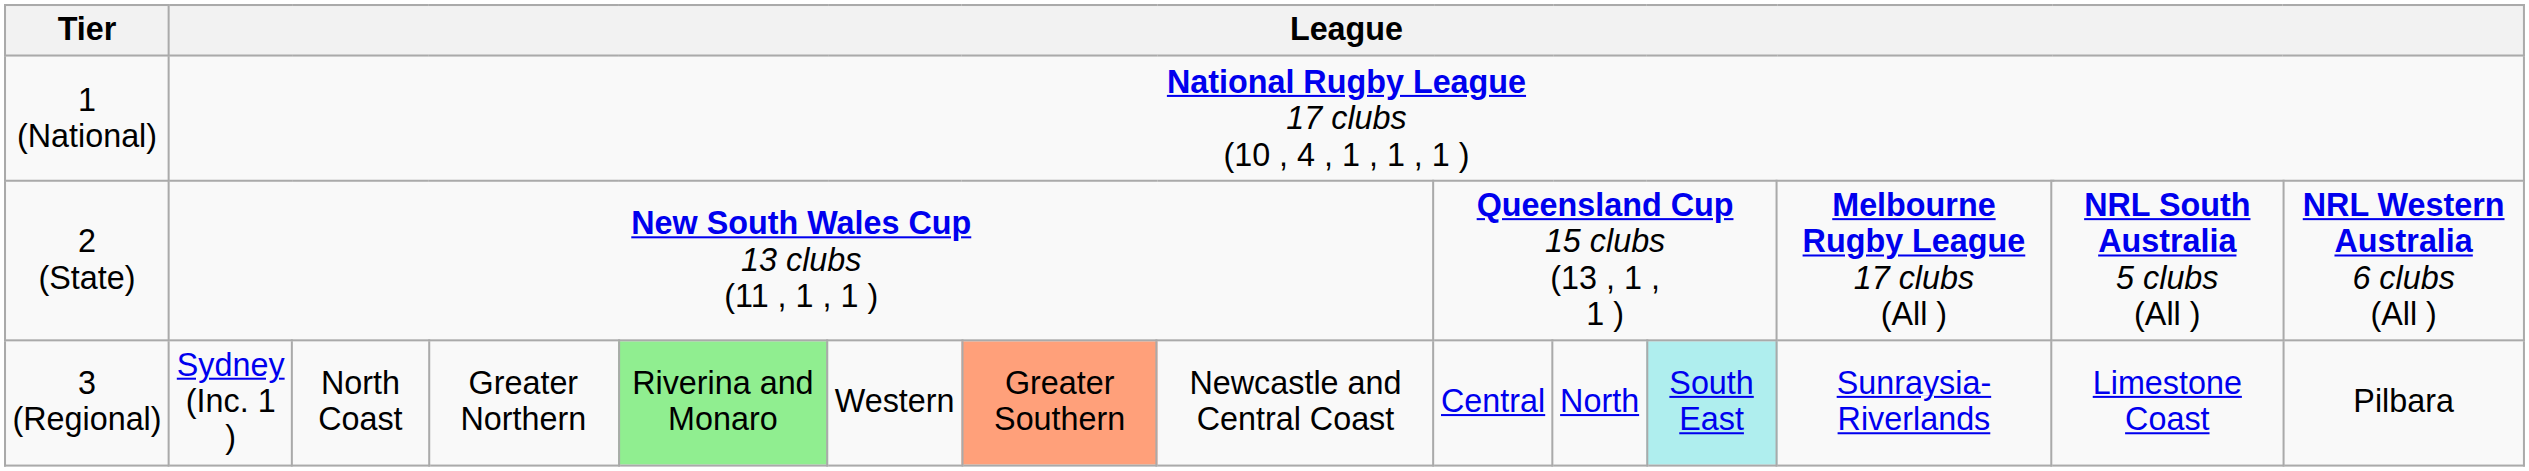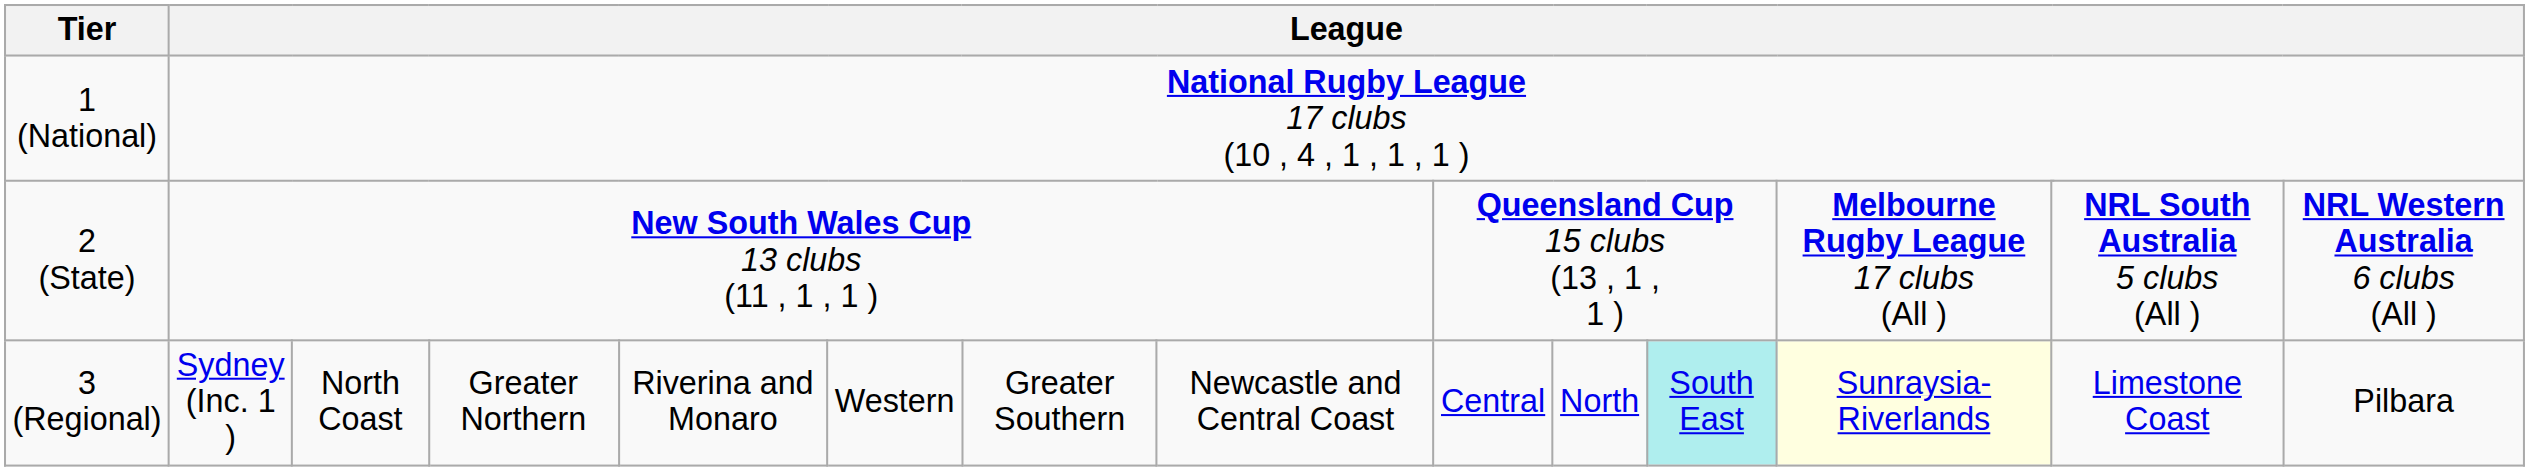 <table class="wikitable" style="text-align: center;">
 <tr>
 <th>Tier</th>
 <th colspan="14">League</th>
 </tr>
 <tr>
 <td>1<br>(National)</td>
 <td colspan="14"> <strong><a href='#'>National Rugby League</a></strong><br><em>17 clubs</em><br>(10 , 4 , 1 , 1 , 1 )</td>
 </tr>
 <tr>
 <td>2<br>(State)</td>
 <td colspan="7"> <strong><a href='#'>New South Wales Cup</a></strong><br><em>13 clubs</em><br>(11 , 1 , 1 )</td>
 <td colspan="3"> <strong><a href='#'>Queensland Cup</a></strong><br><em>15 clubs</em><br>(13 , 1 ,<br>1 )</td>
 <td colspan="2"> <strong><a href='#'>Melbourne Rugby League</a></strong><br><em>17 clubs</em><br>(All )</td>
 <td> <strong><a href='#'>NRL South Australia</a></strong><br><em>5 clubs</em><br>(All )</td>
 <td> <strong><a href='#'>NRL Western Australia</a></strong><br><em>6 clubs</em><br>(All )</td>
 </tr>
 <tr>
 <td>3<br>(Regional)</td>
 <td><a href='#'>Sydney</a><br>(Inc. 1 )</td>
 <td>North Coast</td>
 <td>Greater Northern</td>
-<td style="background: lightgreen;">Riverina and Monaro</td>
+<td>Riverina and Monaro</td>
 <td>Western</td>
-<td style="background: lightsalmon;">Greater Southern</td>
+<td>Greater Southern</td>
 <td>Newcastle and Central Coast</td>
 <td><a href='#'>Central</a></td>
 <td><a href='#'>North</a></td>
 <td style="background: paleturquoise;"><a href='#'>South East</a></td>
-<td><a href='#'>Sunraysia-Riverlands</a></td>
+<td style="background: lightyellow;"><a href='#'>Sunraysia-Riverlands</a></td>
 <td colspan="2"><a href='#'>Limestone Coast</a></td>
 <td>Pilbara</td>
 </tr>
 </table>
